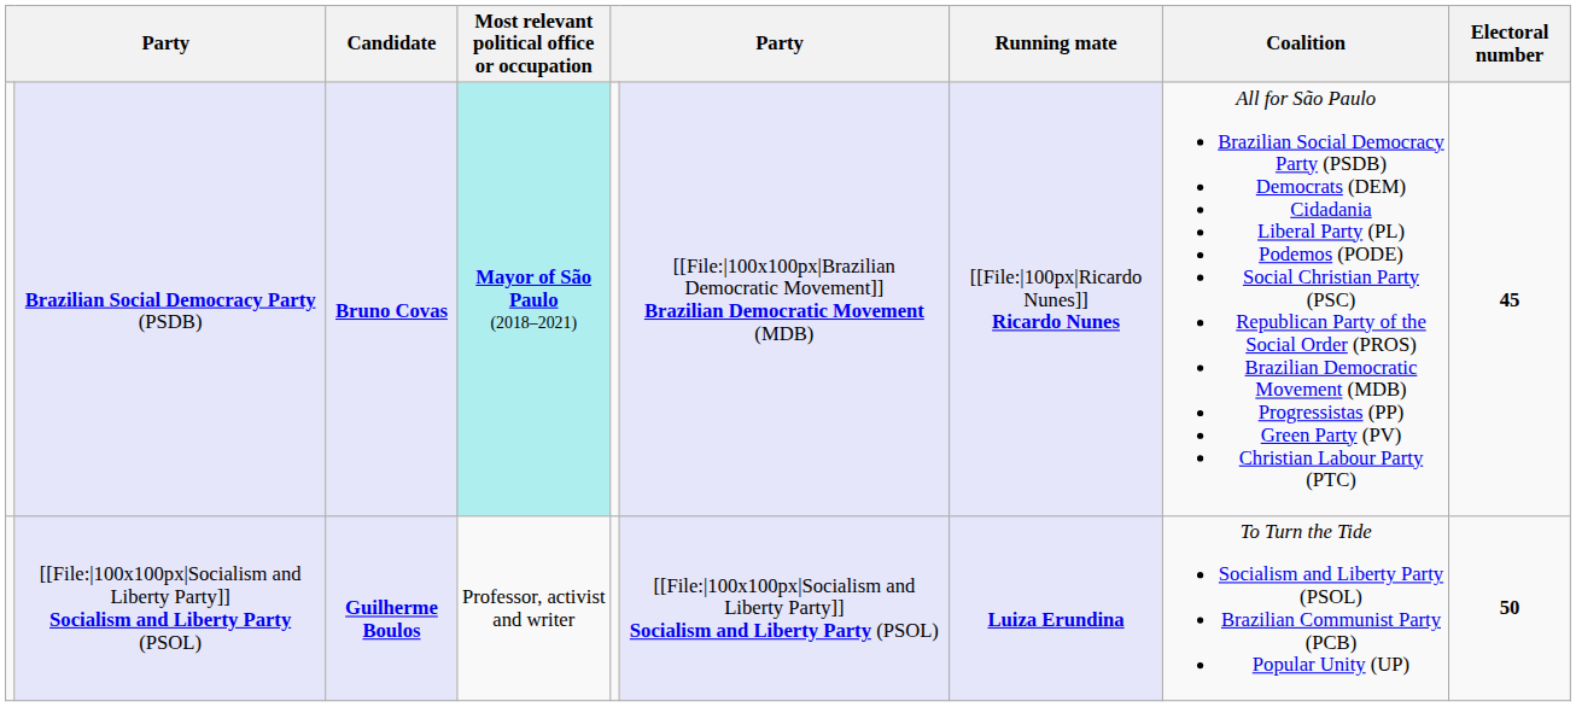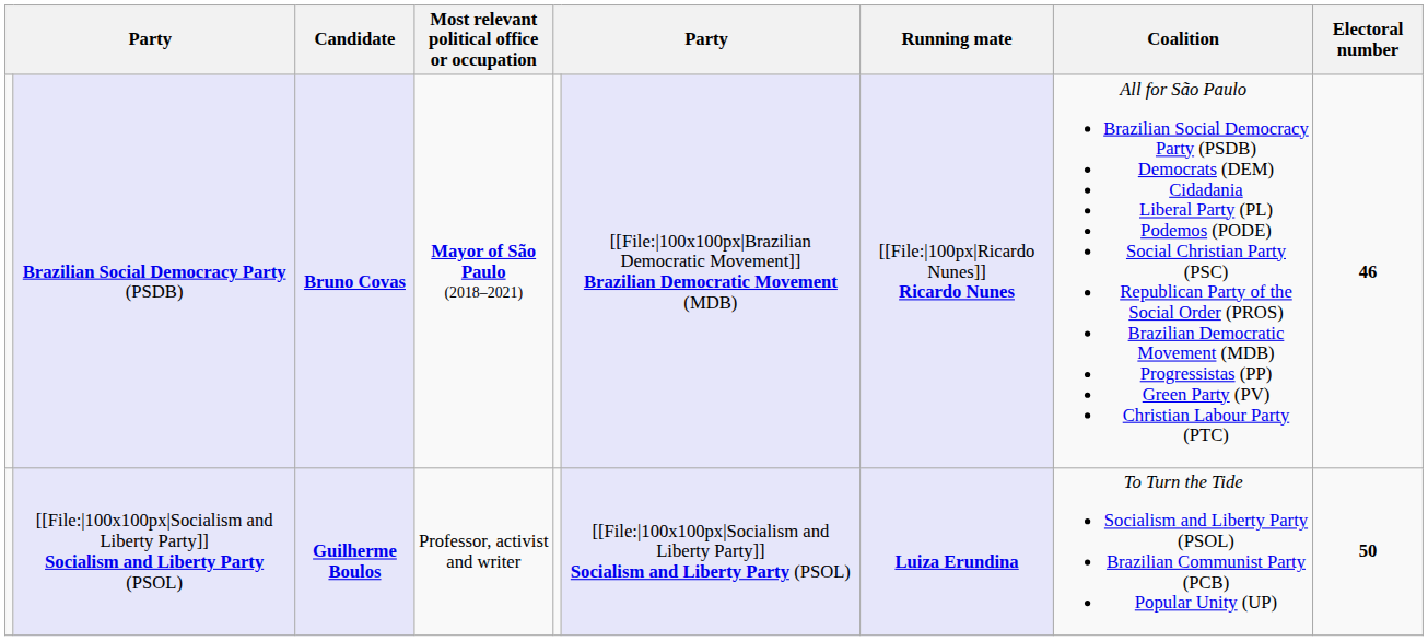 <table class="wikitable" style="text-align:center">
 <tr>
 <th colspan="2">Party</th>
 <th>Candidate</th>
 <th style="max-width:10em">Most relevant political office or occupation</th>
 <th colspan="2">Party</th>
 <th>Running mate</th>
 <th>Coalition</th>
 <th>Electoral number</th>
 </tr>
 <tr>
 <td style="background:"></td>
 <td style="background:lavender;" max-width:150px><br><strong><a href='#'>Brazilian Social Democracy Party</a></strong> (PSDB)</td>
 <td style="background:lavender;" max-width:150px><br><strong><a href='#'>Bruno Covas</a></strong></td>
-<td style="background: paleturquoise; max-width:10em"><strong><a href='#'>Mayor of São Paulo</a></strong><br><small>(2018–2021)</small></td>
+<td style="max-width:10em"><strong><a href='#'>Mayor of São Paulo</a></strong><br><small>(2018–2021)</small></td>
 <td style="background:"></td>
 <td style="background:lavender;" max-width:150px>[[File:|100x100px|Brazilian Democratic Movement]]<br><strong><a href='#'>Brazilian Democratic Movement</a></strong> (MDB)</td>
 <td style="background:lavender;" max-width:150px>[[File:|100px|Ricardo Nunes]]<br><strong><a href='#'>Ricardo Nunes</a></strong></td>
 <td><em>All for São Paulo</em><br><ul><li><a href='#'>Brazilian Social Democracy Party</a> (PSDB)</li><li><a href='#'>Democrats</a> (DEM)</li><li><a href='#'>Cidadania</a></li><li><a href='#'>Liberal Party</a> (PL)</li><li><a href='#'>Podemos</a> (PODE)</li><li><a href='#'>Social Christian Party</a> (PSC)</li><li><a href='#'>Republican Party of the Social Order</a> (PROS)</li><li><a href='#'>Brazilian Democratic Movement</a> (MDB)</li><li><a href='#'>Progressistas</a> (PP)</li><li><a href='#'>Green Party</a> (PV)</li><li><a href='#'>Christian Labour Party</a> (PTC)</li></ul></td>
-<td><strong>45</strong></td>
+<td><strong>46</strong></td>
 </tr>
 <tr>
 <td style="background:"></td>
 <td style="background:lavender;" max-width:150px>[[File:|100x100px|Socialism and Liberty Party]]<br><strong><a href='#'>Socialism and Liberty Party</a></strong> (PSOL)</td>
 <td style="background:lavender;" max-width:150px><br><strong><a href='#'>Guilherme Boulos</a></strong></td>
 <td style="max-width:10em">Professor, activist and writer</td>
 <td style="background:"></td>
 <td style="background:lavender;" max-width:150px>[[File:|100x100px|Socialism and Liberty Party]]<br><strong><a href='#'>Socialism and Liberty Party</a></strong> (PSOL)</td>
 <td style="background:lavender;" max-width:150px><br><strong><a href='#'>Luiza Erundina</a></strong></td>
 <td><em>To Turn the Tide</em><br><ul><li><a href='#'>Socialism and Liberty Party</a> (PSOL)</li><li><a href='#'>Brazilian Communist Party</a> (PCB)</li><li><a href='#'>Popular Unity</a> (UP)</li></ul></td>
 <td><strong>50</strong></td>
 </tr>
 </table>
